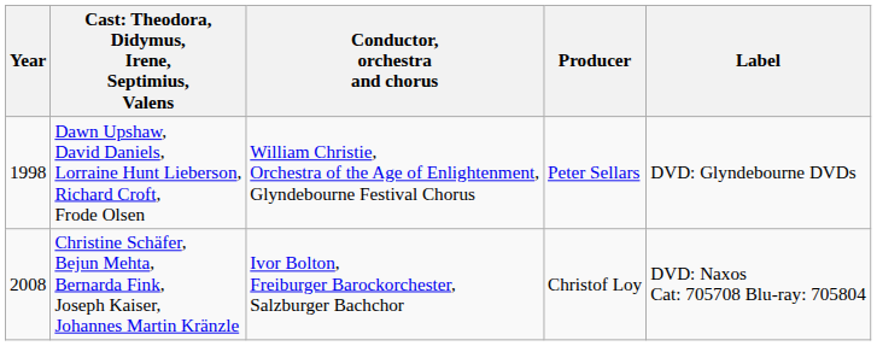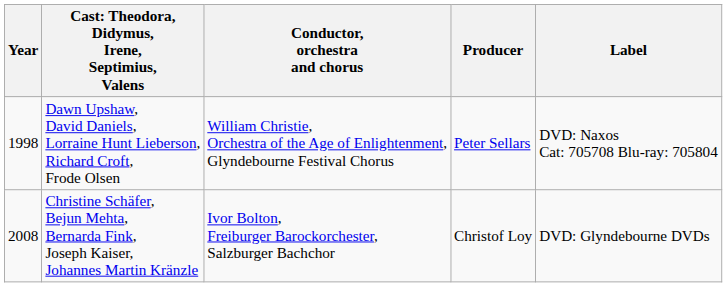 <table class="wikitable">
 <tr>
 <th>Year</th>
 <th>Cast: Theodora,<br>Didymus,<br>Irene,<br>Septimius,<br>Valens</th>
 <th>Conductor,<br>orchestra<br>and chorus</th>
 <th>Producer</th>
 <th>Label</th>
 </tr>
 <tr>
 <td>1998</td>
 <td><a href='#'>Dawn Upshaw</a>,<br><a href='#'>David Daniels</a>,<br><a href='#'>Lorraine Hunt Lieberson</a>,<br><a href='#'>Richard Croft</a>,<br>Frode Olsen</td>
 <td><a href='#'>William Christie</a>,<br><a href='#'>Orchestra of the Age of Enlightenment</a>,<br>Glyndebourne Festival Chorus</td>
 <td><a href='#'>Peter Sellars</a></td>
-<td>DVD: Glyndebourne DVDs</td>
+<td>DVD: Naxos<br> Cat: 705708 Blu-ray: 705804</td>
 </tr>
 <tr>
 <td>2008</td>
 <td><a href='#'>Christine Schäfer</a>,<br><a href='#'>Bejun Mehta</a>,<br><a href='#'>Bernarda Fink</a>,<br>Joseph Kaiser,<br><a href='#'>Johannes Martin Kränzle</a></td>
 <td><a href='#'>Ivor Bolton</a>,<br><a href='#'>Freiburger Barockorchester</a>,<br>Salzburger Bachchor</td>
 <td>Christof Loy</td>
-<td>DVD: Naxos<br> Cat: 705708 Blu-ray: 705804</td>
+<td>DVD: Glyndebourne DVDs</td>
 </tr>
 </table>
